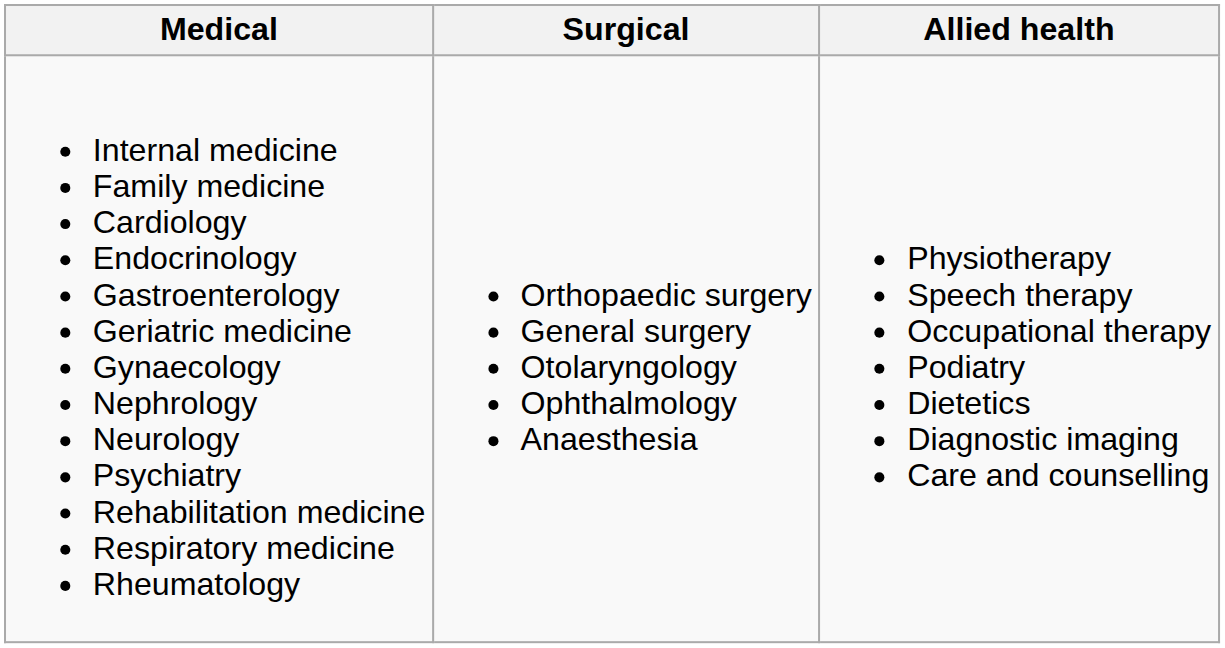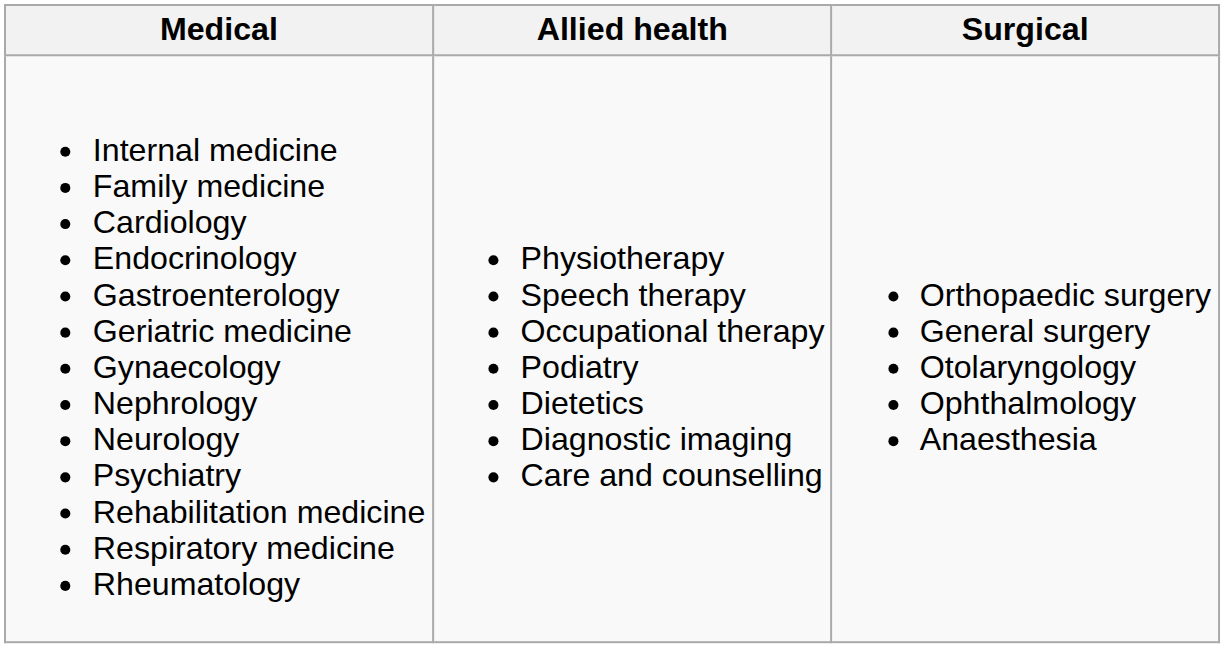 <table class="wikitable">
 <tr>
 <th>Medical</th>
+<th>Allied health</th>
 <th>Surgical</th>
-<th>Allied health</th>
 </tr>
 <tr>
 <td><br><ul><li>Internal medicine</li><li>Family medicine</li><li>Cardiology</li><li>Endocrinology</li><li>Gastroenterology</li><li>Geriatric medicine</li><li>Gynaecology</li><li>Nephrology</li><li>Neurology</li><li>Psychiatry</li><li>Rehabilitation medicine</li><li>Respiratory medicine</li><li>Rheumatology</li></ul></td>
+<td><br><ul><li>Physiotherapy</li><li>Speech therapy</li><li>Occupational therapy</li><li>Podiatry</li><li>Dietetics</li><li>Diagnostic imaging</li><li>Care and counselling</li></ul></td>
 <td><br><ul><li>Orthopaedic surgery</li><li>General surgery</li><li>Otolaryngology</li><li>Ophthalmology</li><li>Anaesthesia</li></ul></td>
-<td><br><ul><li>Physiotherapy</li><li>Speech therapy</li><li>Occupational therapy</li><li>Podiatry</li><li>Dietetics</li><li>Diagnostic imaging</li><li>Care and counselling</li></ul></td>
 </tr>
 </table>
